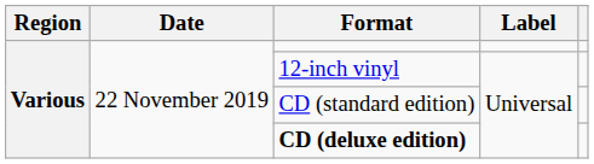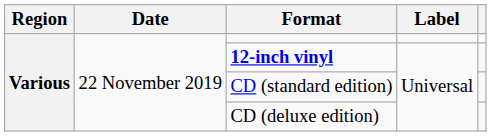 <table class="wikitable plainrowheaders">
 <tr>
 <th scope="col">Region</th>
 <th scope="col">Date</th>
 <th scope="col">Format</th>
 <th scope="col">Label</th>
 <th scope="col"></th>
 </tr>
 <tr>
 <th scope="row" rowspan="4">Various</th>
 <td rowspan="4">22 November 2019</td>
 <td></td>
 <td></td>
 <td></td>
 </tr>
 <tr>
-<td><a href='#'>12-inch vinyl</a></td>
+<td><strong><a href='#'>12-inch vinyl</a></strong></td>
 <td rowspan="3">Universal</td>
 <td></td>
 </tr>
 <tr>
 <td><a href='#'>CD</a> (standard edition)</td>
 <td></td>
 </tr>
 <tr>
-<td><strong>CD (deluxe edition)</strong></td>
+<td>CD (deluxe edition)</td>
 <td></td>
 </tr>
 </table>
